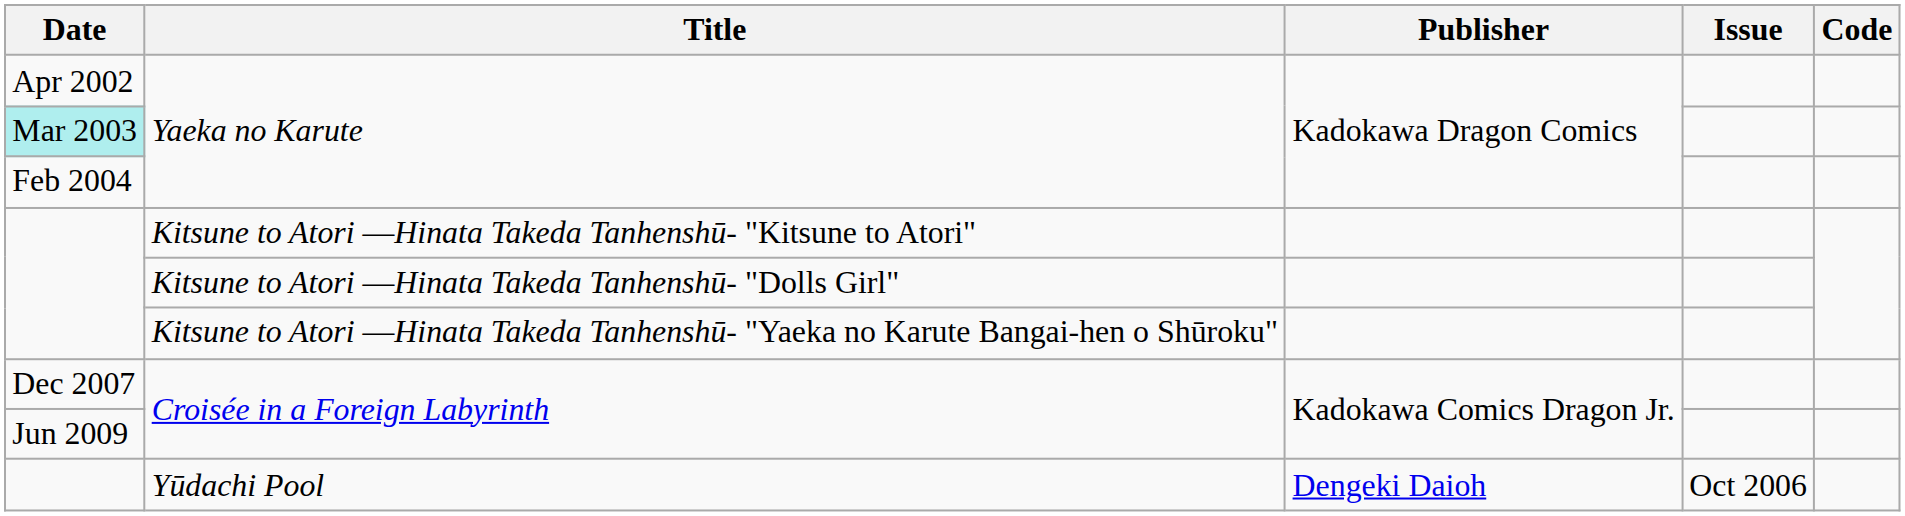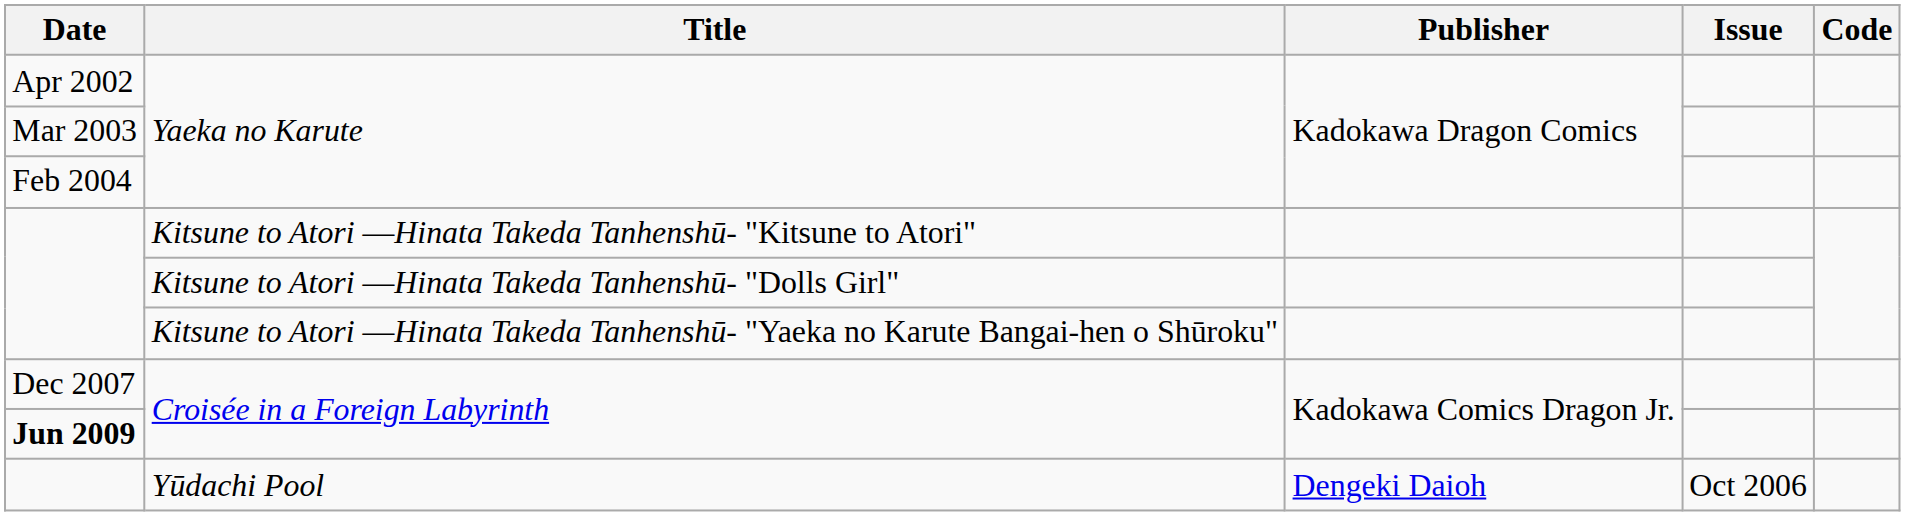 <table class="wikitable">
 <tr>
 <th>Date</th>
 <th>Title</th>
 <th>Publisher</th>
 <th>Issue</th>
 <th>Code</th>
 </tr>
 <tr>
 <td>Apr 2002</td>
 <td rowspan="3"><em>Yaeka no Karute</em></td>
 <td rowspan="3">Kadokawa Dragon Comics</td>
 <td></td>
 <td></td>
 </tr>
 <tr>
-<td style="background: paleturquoise;">Mar 2003</td>
+<td>Mar 2003</td>
 <td></td>
 <td></td>
 </tr>
 <tr>
 <td>Feb 2004</td>
 <td></td>
 <td></td>
 </tr>
 <tr>
 <td rowspan="3"></td>
 <td><em>Kitsune to Atori ―Hinata Takeda Tanhenshū-</em> "Kitsune to Atori"</td>
 <td></td>
 <td></td>
 <td rowspan="3"></td>
 </tr>
 <tr>
 <td><em>Kitsune to Atori ―Hinata Takeda Tanhenshū-</em> "Dolls Girl"</td>
 <td></td>
 <td></td>
 </tr>
 <tr>
 <td><em>Kitsune to Atori ―Hinata Takeda Tanhenshū-</em> "Yaeka no Karute Bangai-hen o Shūroku"</td>
 <td></td>
 <td></td>
 </tr>
 <tr>
 <td>Dec 2007</td>
 <td rowspan="2"><em><a href='#'>Croisée in a Foreign Labyrinth</a></em></td>
 <td rowspan="2">Kadokawa Comics Dragon Jr.</td>
 <td></td>
 <td></td>
 </tr>
 <tr>
-<td>Jun 2009</td>
+<td><strong>Jun 2009</strong></td>
 <td></td>
 <td></td>
 </tr>
 <tr>
 <td></td>
 <td><em>Yūdachi Pool</em></td>
 <td><a href='#'>Dengeki Daioh</a></td>
 <td>Oct 2006</td>
 <td></td>
 </tr>
 </table>
